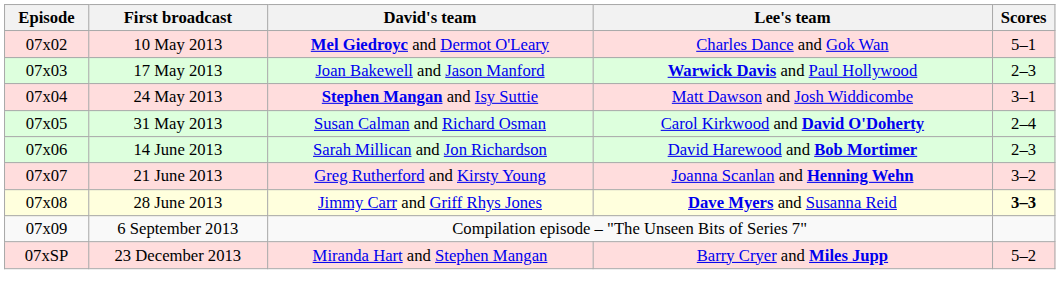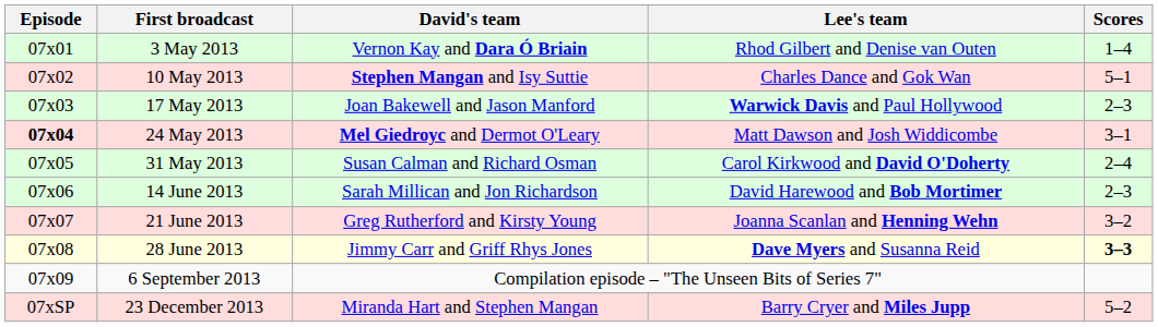 <table class="wikitable"  style="width:80%; left:0 auto; text-align:center;">
 <tr>
 <th style="width:8%;">Episode</th>
 <th style="width:17%;">First broadcast</th>
 <th style="width:31%;">David's team</th>
 <th style="width:38%;">Lee's team</th>
 <th style="width:6%;">Scores</th>
 </tr>
+<tr style="background:#dfd;">
+<td>07x01</td>
+<td>3 May 2013</td>
+<td><a href='#'>Vernon Kay</a> and <strong><a href='#'>Dara Ó Briain</a></strong></td>
+<td><a href='#'>Rhod Gilbert</a> and <a href='#'>Denise van Outen</a></td>
+<td>1–4</td>
+</tr>
 <tr style="background:#fdd;">
 <td>07x02</td>
 <td>10 May 2013</td>
-<td><strong><a href='#'>Mel Giedroyc</a></strong> and <a href='#'>Dermot O'Leary</a></td>
+<td><strong><a href='#'>Stephen Mangan</a></strong> and <a href='#'>Isy Suttie</a></td>
 <td><a href='#'>Charles Dance</a> and <a href='#'>Gok Wan</a></td>
 <td>5–1</td>
 </tr>
 <tr style="background:#dfd;">
 <td>07x03</td>
 <td>17 May 2013</td>
 <td><a href='#'>Joan Bakewell</a> and <a href='#'>Jason Manford</a></td>
 <td><strong><a href='#'>Warwick Davis</a></strong> and <a href='#'>Paul Hollywood</a></td>
 <td>2–3</td>
 </tr>
 <tr style="background:#fdd;">
-<td>07x04</td>
+<td><strong>07x04</strong></td>
 <td>24 May 2013</td>
-<td><strong><a href='#'>Stephen Mangan</a></strong> and <a href='#'>Isy Suttie</a></td>
+<td><strong><a href='#'>Mel Giedroyc</a></strong> and <a href='#'>Dermot O'Leary</a></td>
 <td><a href='#'>Matt Dawson</a> and <a href='#'>Josh Widdicombe</a></td>
 <td>3–1</td>
 </tr>
 <tr style="background:#dfd;">
 <td>07x05</td>
 <td>31 May 2013</td>
 <td><a href='#'>Susan Calman</a> and <a href='#'>Richard Osman</a></td>
 <td><a href='#'>Carol Kirkwood</a> and <strong><a href='#'>David O'Doherty</a></strong></td>
 <td>2–4</td>
 </tr>
 <tr style="background:#dfd;">
 <td>07x06</td>
 <td>14 June 2013</td>
 <td><a href='#'>Sarah Millican</a> and <a href='#'>Jon Richardson</a></td>
 <td><a href='#'>David Harewood</a> and <strong><a href='#'>Bob Mortimer</a></strong></td>
 <td>2–3</td>
 </tr>
 <tr style="background:#fdd;">
 <td>07x07</td>
 <td>21 June 2013</td>
 <td><a href='#'>Greg Rutherford</a> and <a href='#'>Kirsty Young</a></td>
 <td><a href='#'>Joanna Scanlan</a> and <strong><a href='#'>Henning Wehn</a></strong></td>
 <td>3–2</td>
 </tr>
 <tr style="background:#ffd;">
 <td>07x08</td>
 <td>28 June 2013</td>
 <td><a href='#'>Jimmy Carr</a> and <a href='#'>Griff Rhys Jones</a></td>
 <td><strong><a href='#'>Dave Myers</a></strong> and <a href='#'>Susanna Reid</a></td>
 <td><strong>3–3</strong></td>
 </tr>
 <tr>
 <td>07x09</td>
 <td>6 September 2013</td>
 <td colspan="2">Compilation episode – "The Unseen Bits of Series 7"</td>
 <td></td>
 </tr>
 <tr style="background:#fdd;">
 <td>07xSP</td>
 <td>23 December 2013</td>
 <td><a href='#'>Miranda Hart</a> and <a href='#'>Stephen Mangan</a></td>
 <td><a href='#'>Barry Cryer</a> and <strong><a href='#'>Miles Jupp</a></strong></td>
 <td>5–2</td>
 </tr>
 </table>
